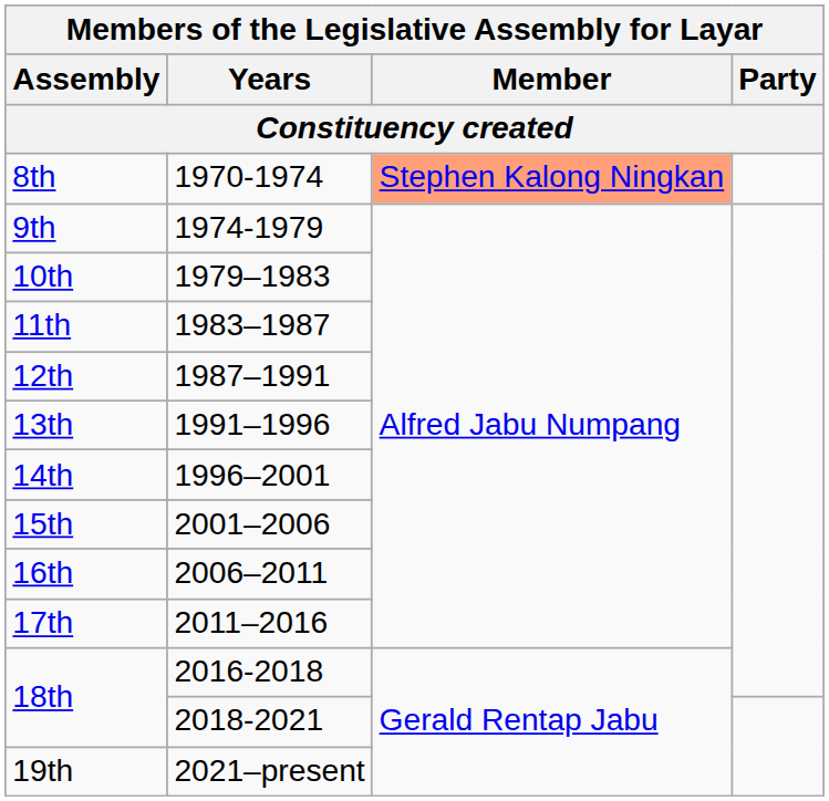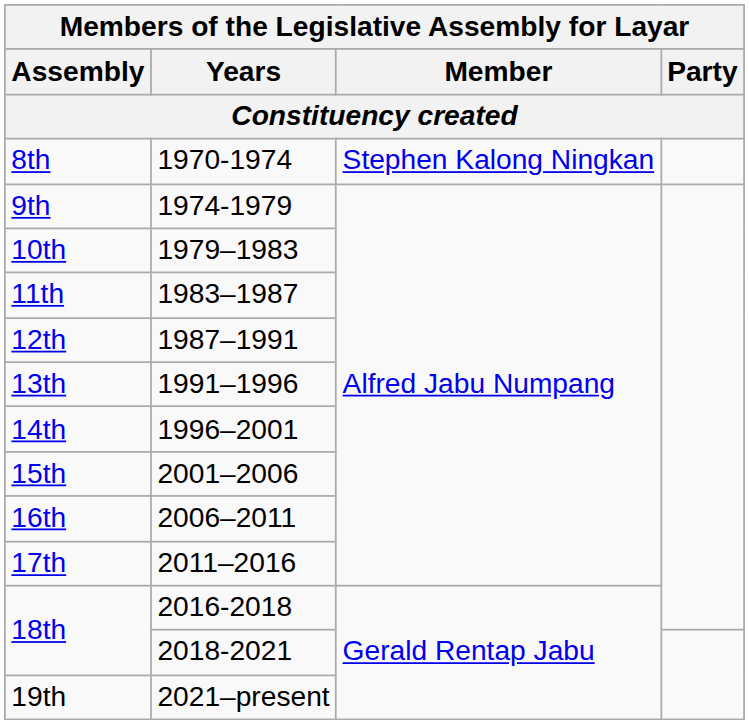 <table class=wikitable>
 <tr>
 <th colspan="4">Members of the Legislative Assembly for Layar</th>
 </tr>
 <tr>
 <th>Assembly</th>
 <th>Years</th>
 <th>Member</th>
 <th>Party</th>
 </tr>
 <tr>
 <th colspan=4 align=center><em>Constituency created</em></th>
 </tr>
 <tr>
 <td><a href='#'>8th</a></td>
 <td>1970-1974</td>
-<td style="background: lightsalmon;"><a href='#'>Stephen Kalong Ningkan</a></td>
+<td><a href='#'>Stephen Kalong Ningkan</a></td>
 <td></td>
 </tr>
 <tr>
 <td><a href='#'>9th</a></td>
 <td>1974-1979</td>
 <td rowspan=9><a href='#'>Alfred Jabu Numpang</a></td>
 <td rowspan=10></td>
 </tr>
 <tr>
 <td><a href='#'>10th</a></td>
 <td>1979–1983</td>
 </tr>
 <tr>
 <td><a href='#'>11th</a></td>
 <td>1983–1987</td>
 </tr>
 <tr>
 <td><a href='#'>12th</a></td>
 <td>1987–1991</td>
 </tr>
 <tr>
 <td><a href='#'>13th</a></td>
 <td>1991–1996</td>
 </tr>
 <tr>
 <td><a href='#'>14th</a></td>
 <td>1996–2001</td>
 </tr>
 <tr>
 <td><a href='#'>15th</a></td>
 <td>2001–2006</td>
 </tr>
 <tr>
 <td><a href='#'>16th</a></td>
 <td>2006–2011</td>
 </tr>
 <tr>
 <td><a href='#'>17th</a></td>
 <td>2011–2016</td>
 </tr>
 <tr>
 <td rowspan="2"><a href='#'>18th</a></td>
 <td>2016-2018</td>
 <td rowspan="3"><a href='#'>Gerald Rentap Jabu</a></td>
 </tr>
 <tr>
 <td>2018-2021</td>
 <td rowspan="2"></td>
 </tr>
 <tr>
 <td>19th</td>
 <td>2021–present</td>
 </tr>
 </table>
